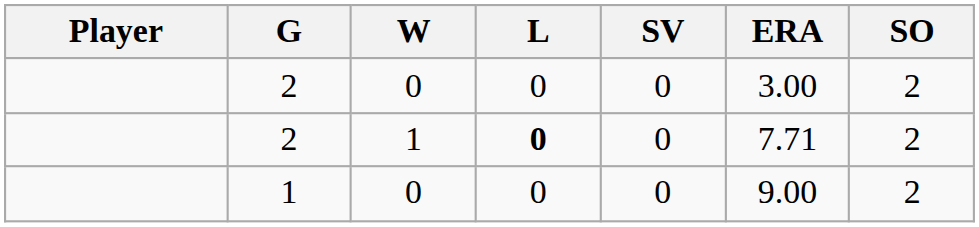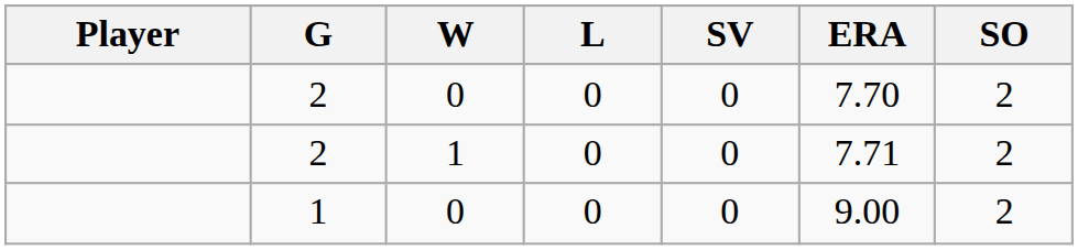 <table class="wikitable sortable">
 <tr>
 <th bgcolor="#DDDDFF" width="16%">Player</th>
 <th bgcolor="#DDDDFF" width="9%">G</th>
 <th bgcolor="#DDDDFF" width="9%">W</th>
 <th bgcolor="#DDDDFF" width="9%">L</th>
 <th bgcolor="#DDDDFF" width="9%">SV</th>
 <th bgcolor="#DDDDFF" width="9%">ERA</th>
 <th bgcolor="#DDDDFF" width="9%">SO</th>
 </tr>
 <tr align="center">
 <td></td>
 <td>2</td>
 <td>0</td>
 <td>0</td>
 <td>0</td>
-<td>3.00</td>
+<td>7.70</td>
 <td>2</td>
 </tr>
 <tr align="center">
 <td></td>
 <td>2</td>
 <td>1</td>
-<td><strong>0</strong></td>
+<td>0</td>
 <td>0</td>
 <td>7.71</td>
 <td>2</td>
 </tr>
 <tr align="center">
 <td></td>
 <td>1</td>
 <td>0</td>
 <td>0</td>
 <td>0</td>
 <td>9.00</td>
 <td>2</td>
 </tr>
 </table>
